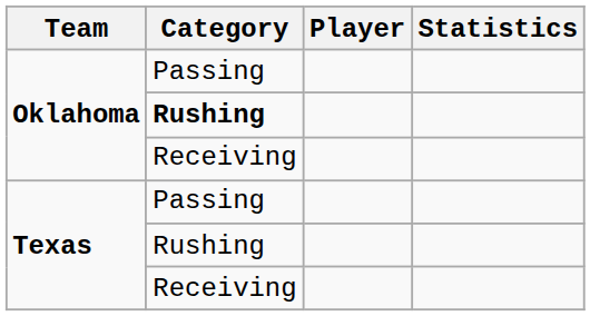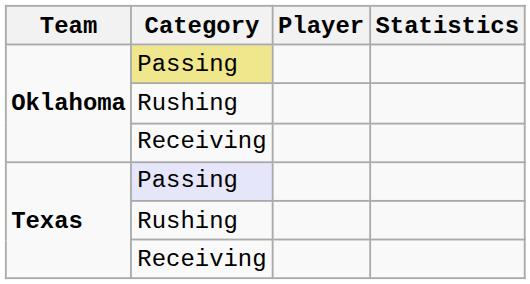 <table class="wikitable" style="float: right;">
 <tr>
 <th>Team</th>
 <th>Category</th>
 <th>Player</th>
 <th>Statistics</th>
 </tr>
 <tr>
 <td rowspan=3><strong>Oklahoma</strong></td>
-<td>Passing</td>
+<td style="background: khaki;">Passing</td>
 <td></td>
 <td></td>
 </tr>
 <tr>
-<td><strong>Rushing</strong></td>
+<td>Rushing</td>
 <td></td>
 <td></td>
 </tr>
 <tr>
 <td>Receiving</td>
 <td></td>
 <td></td>
 </tr>
 <tr>
 <td rowspan=3><strong>Texas</strong></td>
-<td>Passing</td>
+<td style="background: lavender;">Passing</td>
 <td></td>
 <td></td>
 </tr>
 <tr>
 <td>Rushing</td>
 <td></td>
 <td></td>
 </tr>
 <tr>
 <td>Receiving</td>
 <td></td>
 <td></td>
 </tr>
 </table>
